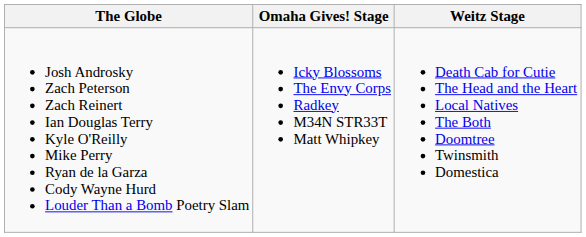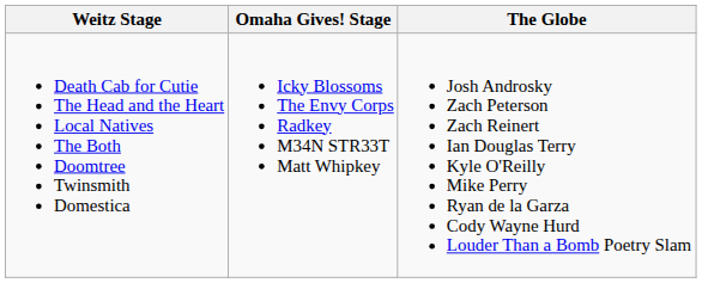 <table class="wikitable">
 <tr>
+<th>Weitz Stage</th>
+<th>Omaha Gives! Stage</th>
 <th>The Globe</th>
-<th>Omaha Gives! Stage</th>
-<th>Weitz Stage</th>
 </tr>
 <tr valign="top">
+<td><br><ul><li><a href='#'>Death Cab for Cutie</a></li><li><a href='#'>The Head and the Heart</a></li><li><a href='#'>Local Natives</a></li><li><a href='#'>The Both</a></li><li><a href='#'>Doomtree</a></li><li>Twinsmith</li><li>Domestica</li></ul></td>
+<td><br><ul><li><a href='#'>Icky Blossoms</a></li><li><a href='#'>The Envy Corps</a></li><li><a href='#'>Radkey</a></li><li>M34N STR33T</li><li>Matt Whipkey</li></ul></td>
 <td><br><ul><li>Josh Androsky</li><li>Zach Peterson</li><li>Zach Reinert</li><li>Ian Douglas Terry</li><li>Kyle O'Reilly</li><li>Mike Perry</li><li>Ryan de la Garza</li><li>Cody Wayne Hurd</li><li><a href='#'>Louder Than a Bomb</a> Poetry Slam</li></ul></td>
-<td><br><ul><li><a href='#'>Icky Blossoms</a></li><li><a href='#'>The Envy Corps</a></li><li><a href='#'>Radkey</a></li><li>M34N STR33T</li><li>Matt Whipkey</li></ul></td>
-<td><br><ul><li><a href='#'>Death Cab for Cutie</a></li><li><a href='#'>The Head and the Heart</a></li><li><a href='#'>Local Natives</a></li><li><a href='#'>The Both</a></li><li><a href='#'>Doomtree</a></li><li>Twinsmith</li><li>Domestica</li></ul></td>
 </tr>
 </table>
